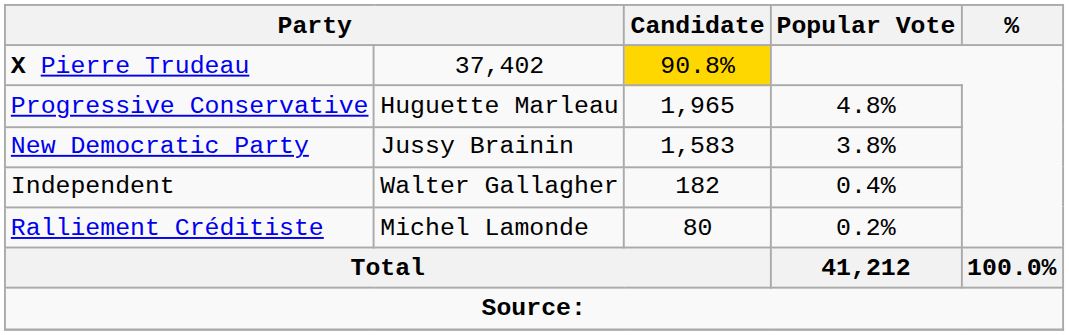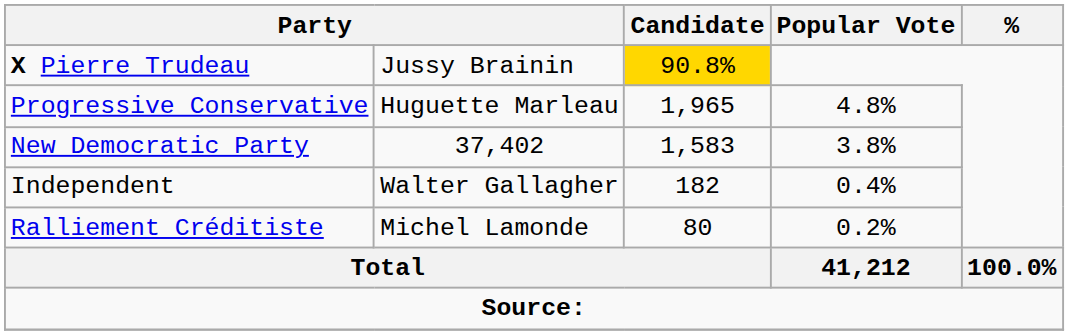 <table class="wikitable">
 <tr>
 <th colspan="2">Party</th>
 <th>Candidate</th>
 <th>Popular Vote</th>
 <th>%</th>
 </tr>
 <tr>
 <td> <strong>X</strong> <a href='#'>Pierre Trudeau</a></td>
-<td align=center>37,402</td>
+<td>Jussy Brainin</td>
 <td align=center style="background: gold;">90.8%</td>
 </tr>
 <tr>
 <td><a href='#'>Progressive Conservative</a></td>
 <td>Huguette Marleau</td>
 <td align=center>1,965</td>
 <td align=center>4.8%</td>
 </tr>
 <tr>
 <td><a href='#'>New Democratic Party</a></td>
-<td>Jussy Brainin</td>
+<td align=center>37,402</td>
 <td align=center>1,583</td>
 <td align=center>3.8%</td>
 </tr>
 <tr>
 <td>Independent</td>
 <td>Walter Gallagher</td>
 <td align=center>182</td>
 <td align=center>0.4%</td>
 </tr>
 <tr>
 <td><a href='#'>Ralliement Créditiste</a></td>
 <td>Michel Lamonde</td>
 <td align=center>80</td>
 <td align=center>0.2%</td>
 </tr>
 <tr>
 <th colspan=3 align=center>Total</th>
 <th align=right>41,212</th>
 <th align=right>100.0%</th>
 </tr>
 <tr>
 <td align="center" colspan=5><strong>Source:</strong> </td>
 </tr>
 <tr>
 </tr>
 </table>
